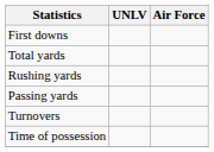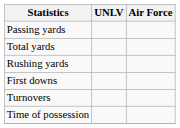 <table class="wikitable">
 <tr>
 <th>Statistics</th>
 <th>UNLV</th>
 <th>Air Force</th>
 </tr>
 <tr>
-<td>First downs</td>
+<td>Passing yards</td>
 <td></td>
 <td></td>
 </tr>
 <tr>
 <td>Total yards</td>
 <td></td>
 <td></td>
 </tr>
 <tr>
 <td>Rushing yards</td>
 <td></td>
 <td></td>
 </tr>
 <tr>
-<td>Passing yards</td>
+<td>First downs</td>
 <td></td>
 <td></td>
 </tr>
 <tr>
 <td>Turnovers</td>
 <td></td>
 <td></td>
 </tr>
 <tr>
 <td>Time of possession</td>
 <td></td>
 <td></td>
 </tr>
 <tr>
 </tr>
 </table>
